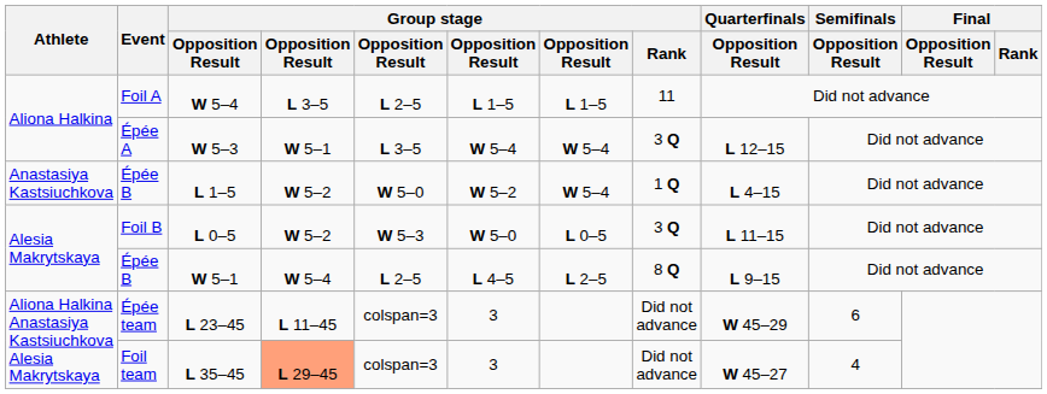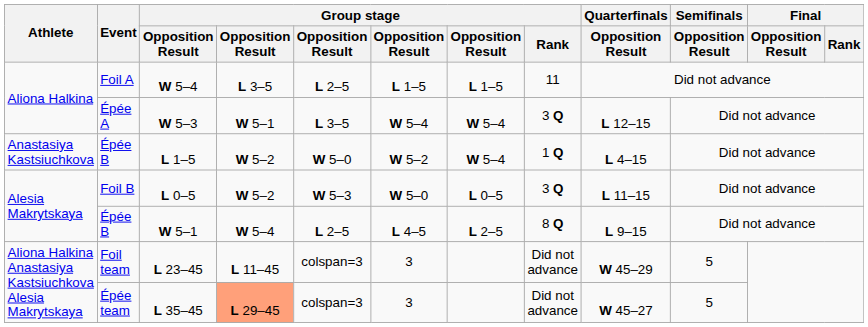 <table class=wikitable style="font-size:90%">
 <tr>
 <th rowspan="2">Athlete</th>
 <th rowspan="2">Event</th>
 <th colspan="6">Group stage</th>
 <th>Quarterfinals</th>
 <th>Semifinals</th>
 <th colspan="2">Final</th>
 </tr>
 <tr>
 <th>Opposition<br>Result</th>
 <th>Opposition<br>Result</th>
 <th>Opposition<br>Result</th>
 <th>Opposition<br>Result</th>
 <th>Opposition<br>Result</th>
 <th>Rank</th>
 <th>Opposition<br>Result</th>
 <th>Opposition<br>Result</th>
 <th>Opposition<br>Result</th>
 <th>Rank</th>
 </tr>
 <tr align=center>
 <td align=left rowspan=2><a href='#'>Aliona Halkina</a></td>
 <td align="left"><a href='#'>Foil A</a></td>
 <td><br><strong>W</strong> 5–4</td>
 <td><br><strong>L</strong> 3–5</td>
 <td><br><strong>L</strong> 2–5</td>
 <td><br><strong>L</strong> 1–5</td>
 <td><br><strong>L</strong> 1–5</td>
 <td>11</td>
 <td colspan=4>Did not advance</td>
 </tr>
 <tr align=center>
 <td align="left"><a href='#'>Épée A</a></td>
 <td><br><strong>W</strong> 5–3</td>
 <td><br><strong>W</strong> 5–1</td>
 <td><br><strong>L</strong> 3–5</td>
 <td><br><strong>W</strong> 5–4</td>
 <td><br><strong>W</strong> 5–4</td>
 <td>3 <strong>Q</strong></td>
 <td><br><strong>L</strong> 12–15</td>
 <td colspan=3>Did not advance</td>
 </tr>
 <tr align=center>
 <td align=left><a href='#'>Anastasiya Kastsiuchkova</a></td>
 <td align="left"><a href='#'>Épée B</a></td>
 <td><br><strong>L</strong> 1–5</td>
 <td><br><strong>W</strong> 5–2</td>
 <td><br><strong>W</strong> 5–0</td>
 <td><br><strong>W</strong> 5–2</td>
 <td><br><strong>W</strong> 5–4</td>
 <td>1 <strong>Q</strong></td>
 <td><br><strong>L</strong> 4–15</td>
 <td colspan=3>Did not advance</td>
 </tr>
 <tr align=center>
 <td align=left rowspan=2><a href='#'>Alesia Makrytskaya</a></td>
 <td align="left"><a href='#'>Foil B</a></td>
 <td><br><strong>L</strong> 0–5</td>
 <td><br><strong>W</strong> 5–2</td>
 <td><br><strong>W</strong> 5–3</td>
 <td><br><strong>W</strong> 5–0</td>
 <td><br><strong>L</strong> 0–5</td>
 <td>3 <strong>Q</strong></td>
 <td><br><strong>L</strong> 11–15</td>
 <td colspan=3>Did not advance</td>
 </tr>
 <tr align=center>
 <td align="left"><a href='#'>Épée B</a></td>
 <td><br><strong>W</strong> 5–1</td>
 <td><br><strong>W</strong> 5–4</td>
 <td><br><strong>L</strong> 2–5</td>
 <td><br><strong>L</strong> 4–5</td>
 <td><br><strong>L</strong> 2–5</td>
 <td>8 <strong>Q</strong></td>
 <td><br><strong>L</strong> 9–15</td>
 <td colspan=3>Did not advance</td>
 </tr>
 <tr align=center>
 <td align=left rowspan=2><a href='#'>Aliona Halkina</a><br><a href='#'>Anastasiya Kastsiuchkova</a><br><a href='#'>Alesia Makrytskaya</a></td>
-<td align="left"><a href='#'>Épée team</a></td>
+<td align="left"><a href='#'>Foil team</a></td>
 <td><br><strong>L</strong> 23–45</td>
 <td><br><strong>L</strong> 11–45</td>
 <td>colspan=3</td>
 <td>3</td>
 <td></td>
 <td>Did not advance</td>
 <td><br><strong>W</strong> 45–29</td>
-<td>6</td>
+<td>5</td>
 </tr>
 <tr align=center>
-<td align="left"><a href='#'>Foil team</a></td>
+<td align="left"><a href='#'>Épée team</a></td>
 <td><br><strong>L</strong> 35–45</td>
 <td style="background: lightsalmon;"><br><strong>L</strong> 29–45</td>
 <td>colspan=3</td>
 <td>3</td>
 <td></td>
 <td>Did not advance</td>
 <td><br><strong>W</strong> 45–27</td>
-<td>4</td>
+<td>5</td>
 </tr>
 </table>
